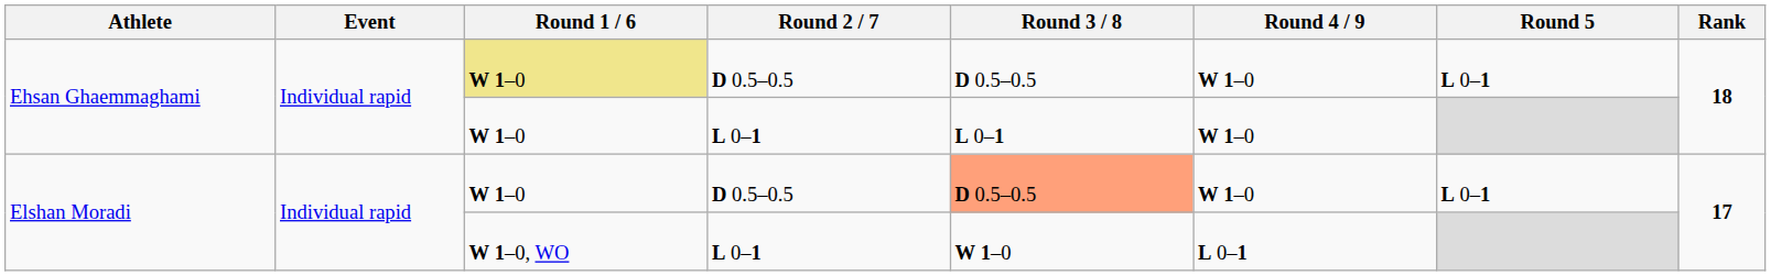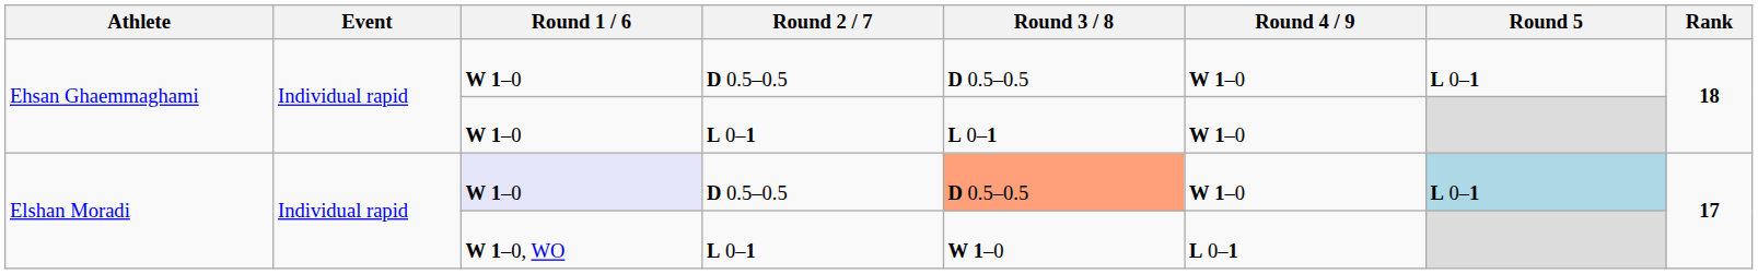 <table class="wikitable" width="98%" style="text-align:left; font-size:90%">
 <tr>
 <th width="10%">Athlete</th>
 <th width="7%">Event</th>
 <th width="9%">Round 1 / 6</th>
 <th width="9%">Round 2 / 7</th>
 <th width="9%">Round 3 / 8</th>
 <th width="9%">Round 4 / 9</th>
 <th width="9%">Round 5</th>
 <th width="3%">Rank</th>
 </tr>
 <tr>
 <td rowspan=2><a href='#'>Ehsan Ghaemmaghami</a></td>
 <td rowspan=2><a href='#'>Individual rapid</a></td>
-<td style="background: khaki;"><br><strong>W</strong> <strong>1</strong>–0</td>
+<td><br><strong>W</strong> <strong>1</strong>–0</td>
 <td><br><strong>D</strong> 0.5–0.5</td>
 <td><br><strong>D</strong> 0.5–0.5</td>
 <td><br><strong>W</strong> <strong>1</strong>–0</td>
 <td><br><strong>L</strong> 0–<strong>1</strong></td>
 <td rowspan=2 align=center><strong>18</strong></td>
 </tr>
 <tr>
 <td><br><strong>W</strong> <strong>1</strong>–0</td>
 <td><br><strong>L</strong> 0–<strong>1</strong></td>
 <td><br><strong>L</strong> 0–<strong>1</strong></td>
 <td><br><strong>W</strong> <strong>1</strong>–0</td>
 <td bgcolor=#DCDCDC></td>
 </tr>
 <tr>
 <td rowspan=2><a href='#'>Elshan Moradi</a></td>
 <td rowspan=2><a href='#'>Individual rapid</a></td>
-<td><br><strong>W</strong> <strong>1</strong>–0</td>
+<td style="background: lavender;"><br><strong>W</strong> <strong>1</strong>–0</td>
 <td><br><strong>D</strong> 0.5–0.5</td>
 <td style="background: lightsalmon;"><br><strong>D</strong> 0.5–0.5</td>
 <td><br><strong>W</strong> <strong>1</strong>–0</td>
-<td><br><strong>L</strong> 0–<strong>1</strong></td>
+<td style="background: lightblue;"><br><strong>L</strong> 0–<strong>1</strong></td>
 <td rowspan=2 align=center><strong>17</strong></td>
 </tr>
 <tr>
 <td><br><strong>W</strong> <strong>1</strong>–0, <a href='#'>WO</a></td>
 <td><br><strong>L</strong> 0–<strong>1</strong></td>
 <td><br><strong>W</strong> <strong>1</strong>–0</td>
 <td><br><strong>L</strong> 0–<strong>1</strong></td>
 <td bgcolor=#DCDCDC></td>
 </tr>
 </table>
